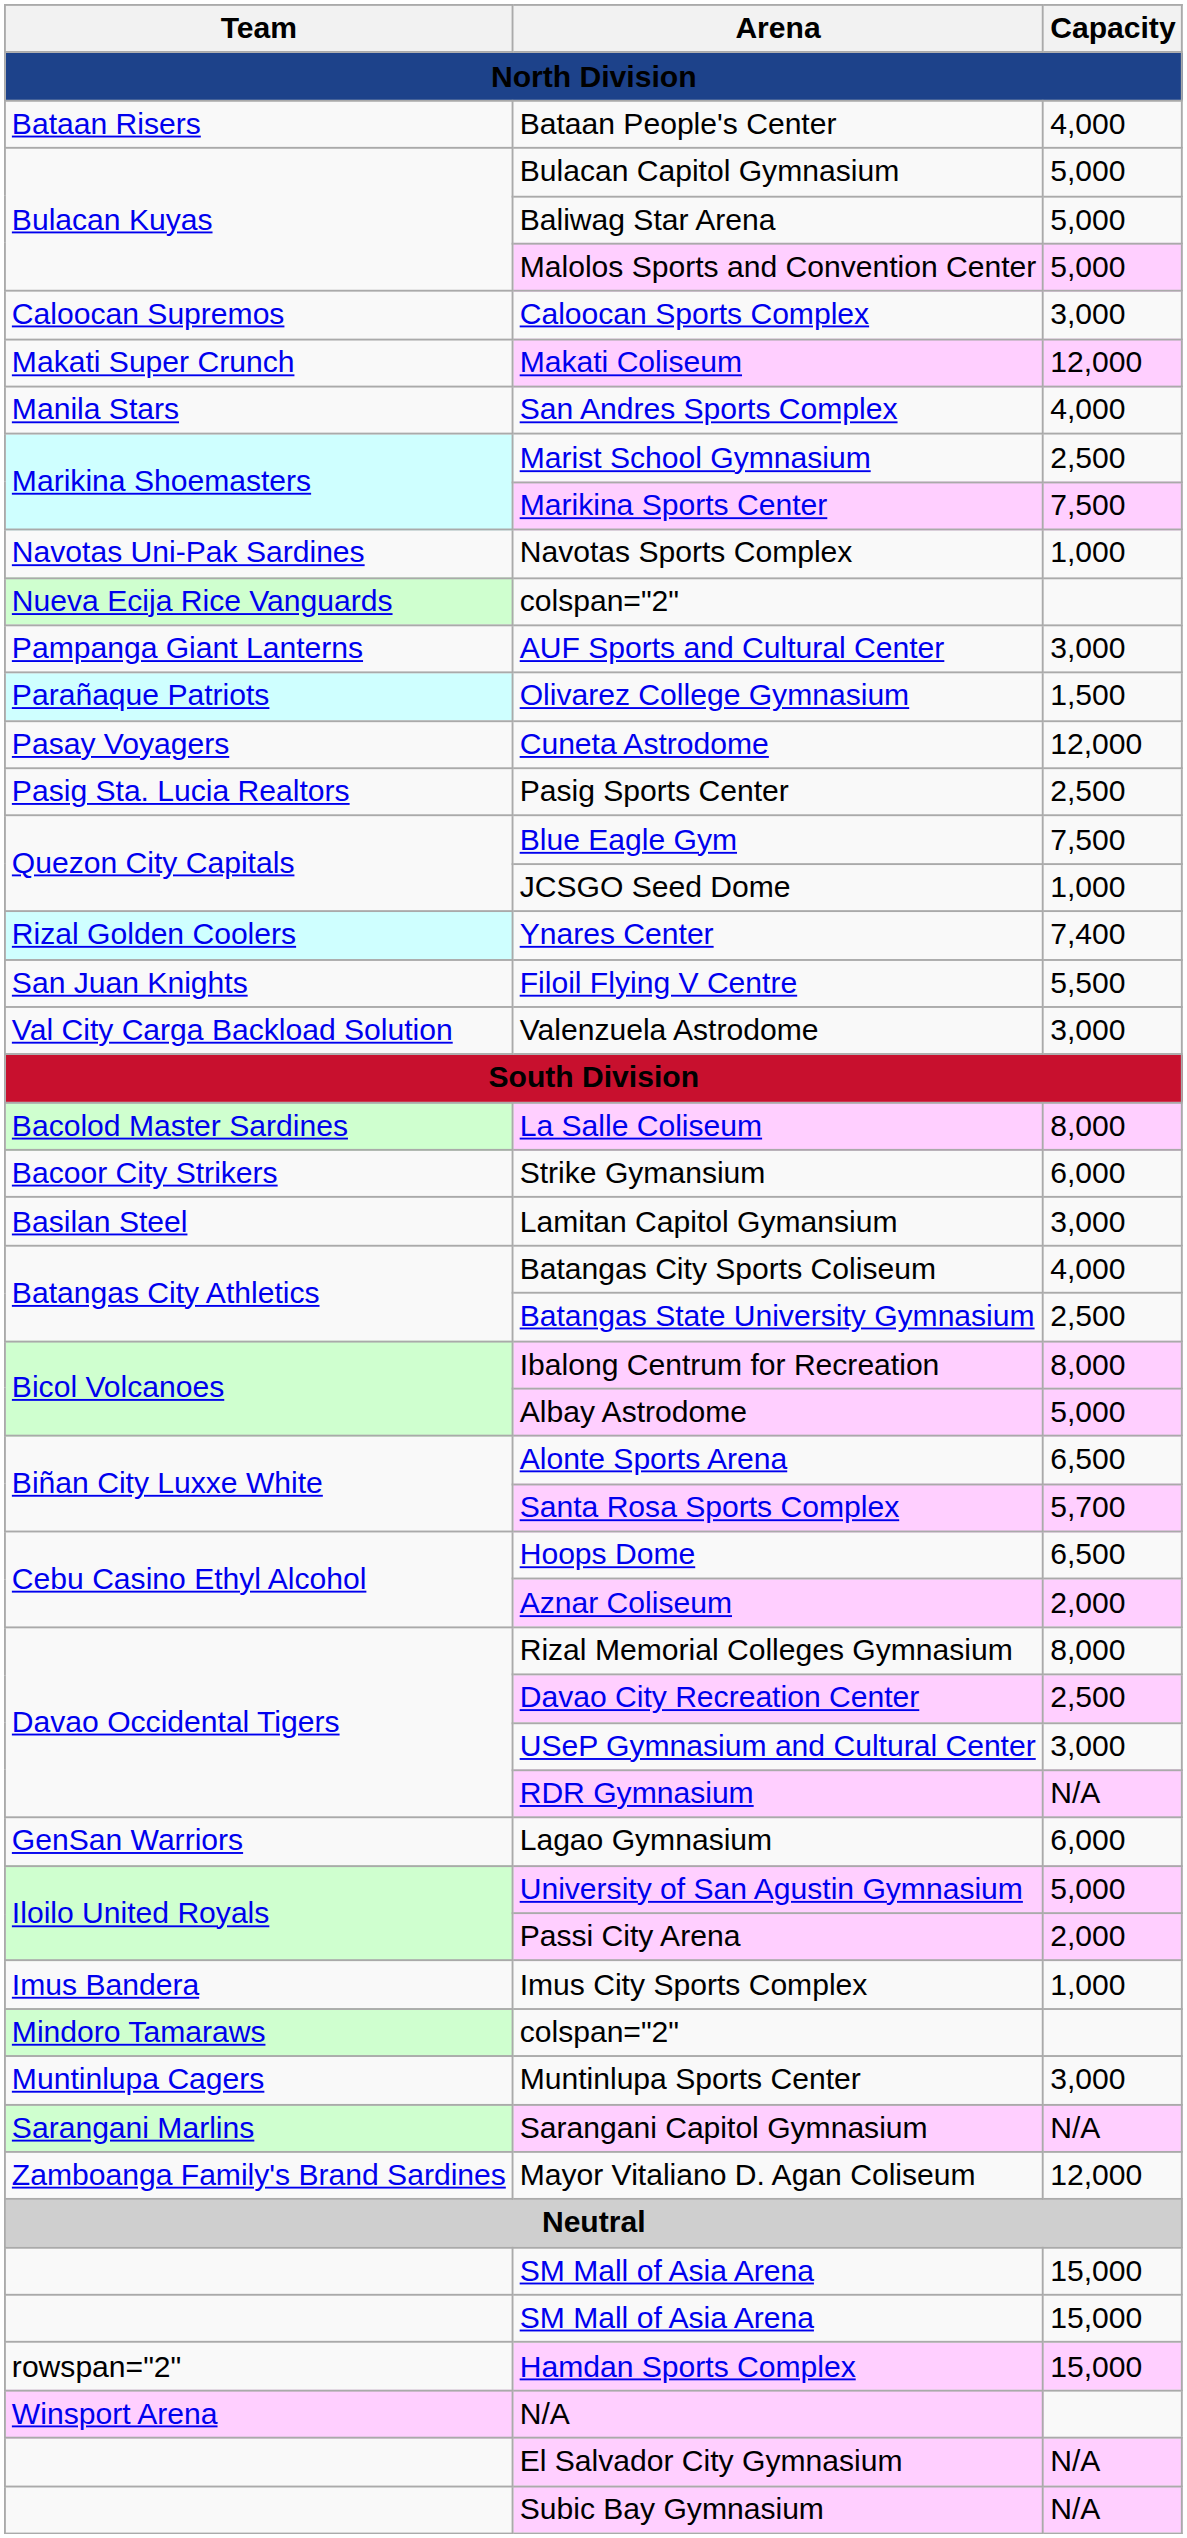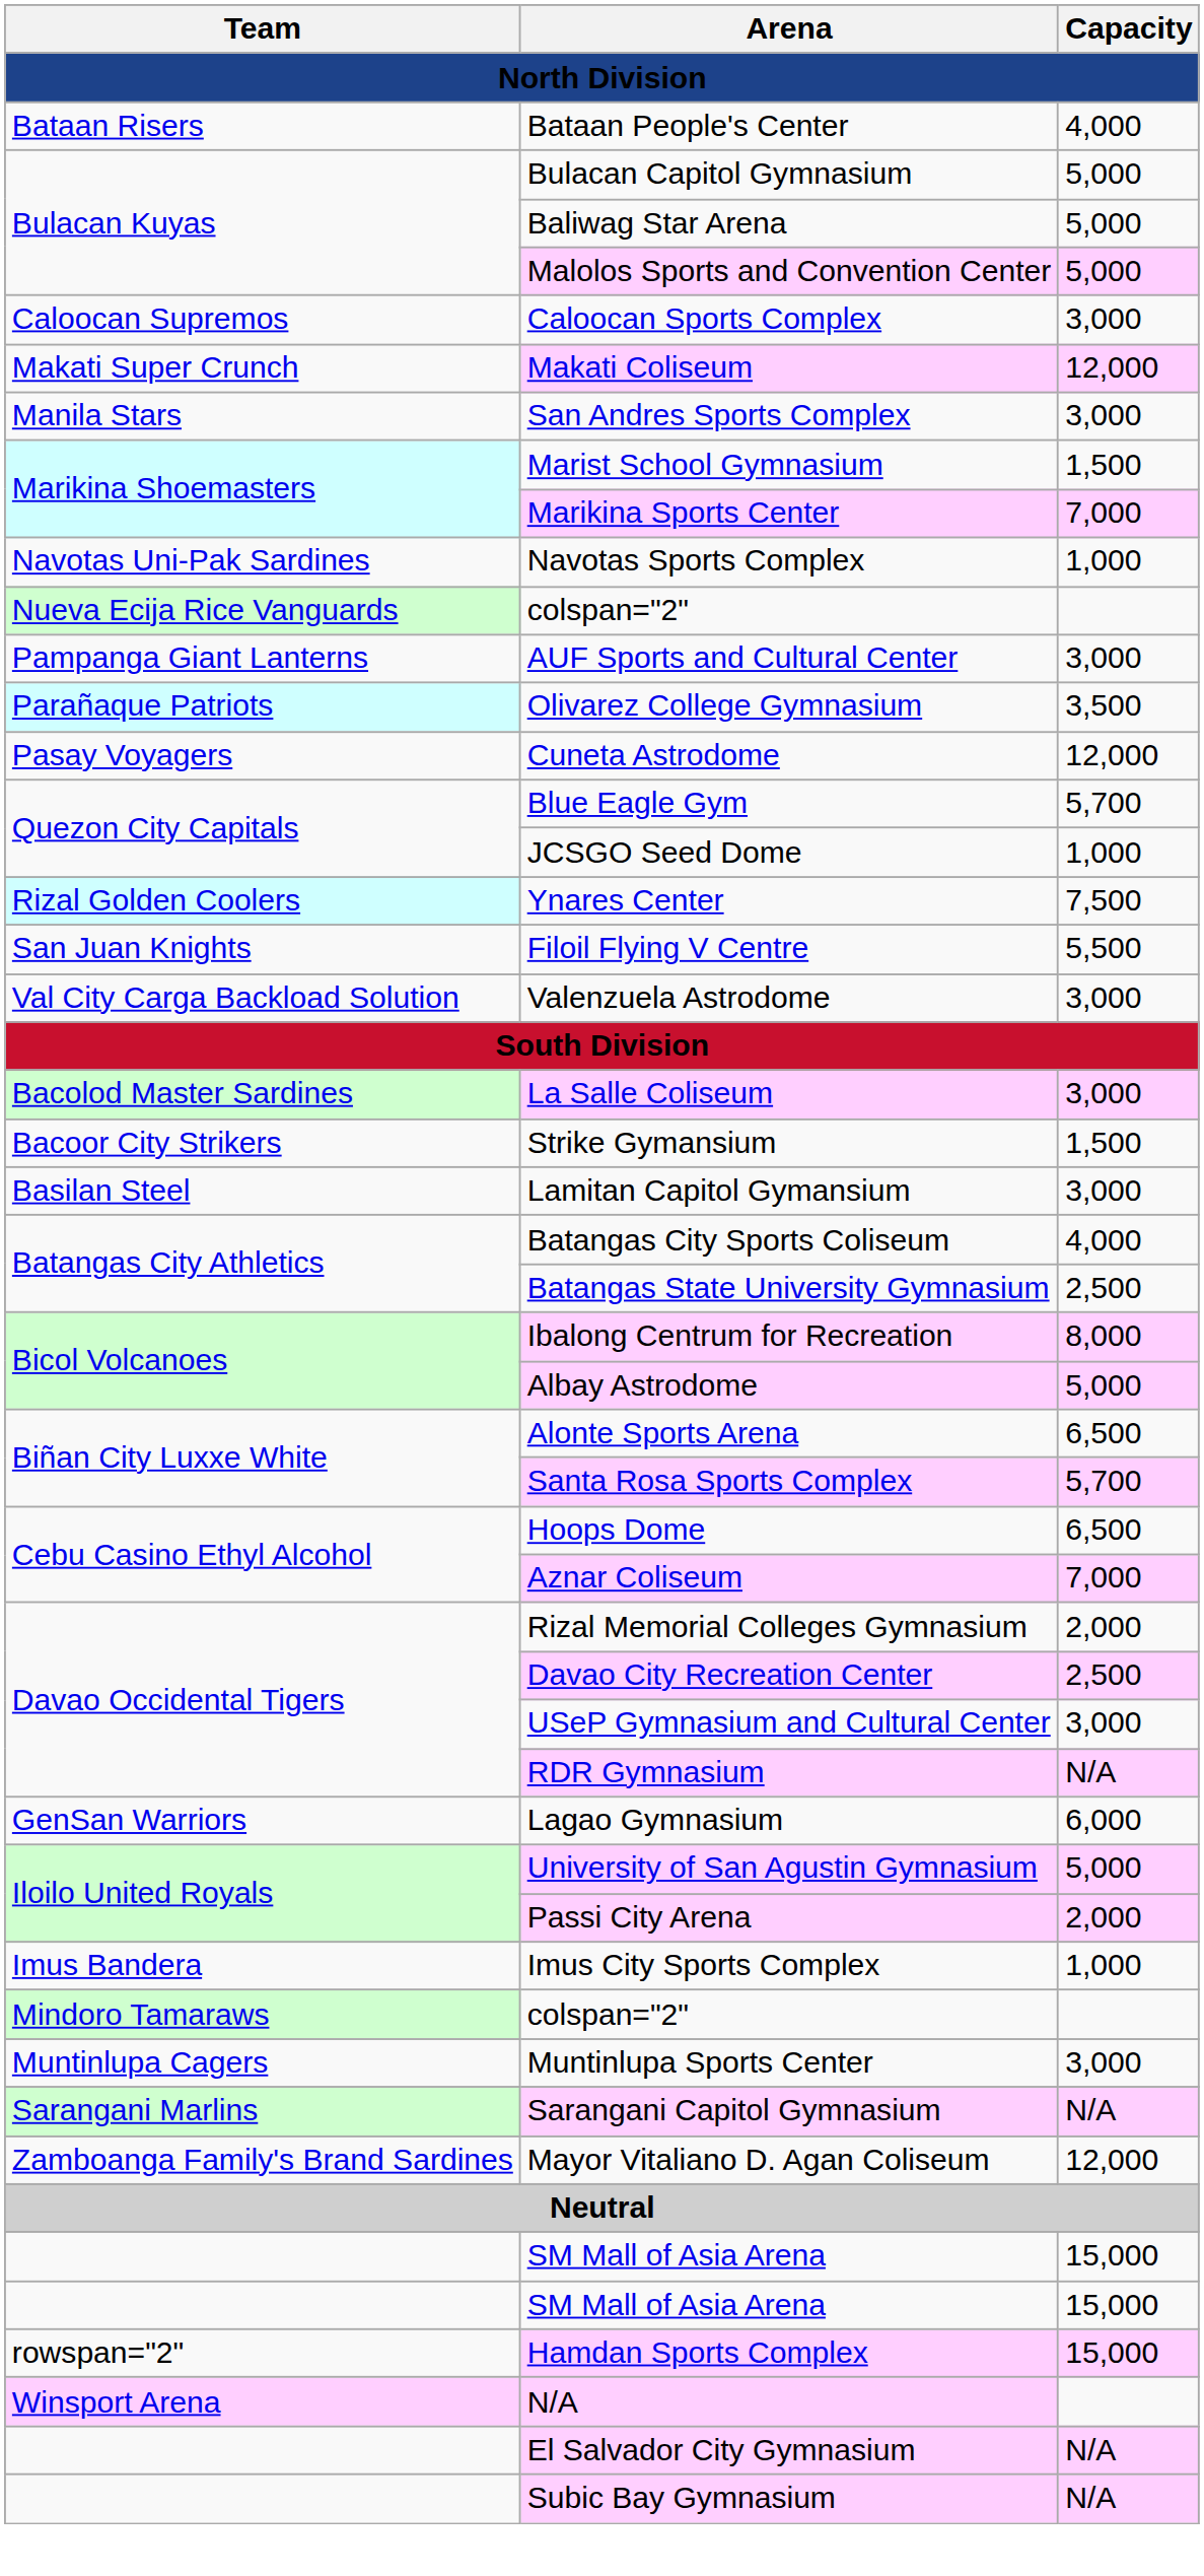 <table class="wikitable">
 <tr>
 <th>Team</th>
 <th>Arena</th>
 <th>Capacity</th>
 </tr>
 <tr>
 <th colspan="3" style="background:#1D428A;"><span>North Division</span></th>
 </tr>
 <tr>
 <td><a href='#'>Bataan Risers</a></td>
 <td>Bataan People's Center</td>
 <td>4,000</td>
 </tr>
 <tr>
 <td rowspan="3"><a href='#'>Bulacan Kuyas</a></td>
 <td>Bulacan Capitol Gymnasium</td>
 <td>5,000</td>
 </tr>
 <tr>
 <td>Baliwag Star Arena</td>
 <td>5,000</td>
 </tr>
 <tr>
 <td style="background:#FFCFFF;">Malolos Sports and Convention Center</td>
 <td style="background:#FFCFFF;">5,000</td>
 </tr>
 <tr>
 <td><a href='#'>Caloocan Supremos</a></td>
 <td><a href='#'>Caloocan Sports Complex</a></td>
 <td>3,000</td>
 </tr>
 <tr>
 <td><a href='#'>Makati Super Crunch</a></td>
 <td style="background:#FFCFFF;"><a href='#'>Makati Coliseum</a></td>
 <td style="background:#FFCFFF;">12,000</td>
 </tr>
 <tr>
 <td><a href='#'>Manila Stars</a></td>
 <td><a href='#'>San Andres Sports Complex</a></td>
-<td>4,000</td>
+<td>3,000</td>
 </tr>
 <tr>
 <td rowspan="2" style="background:#CFFFFF;"><a href='#'>Marikina Shoemasters</a></td>
 <td><a href='#'>Marist School Gymnasium</a></td>
-<td>2,500</td>
+<td>1,500</td>
 </tr>
 <tr>
 <td style="background:#FFCFFF;"><a href='#'>Marikina Sports Center</a></td>
-<td style="background:#FFCFFF;">7,500</td>
+<td style="background:#FFCFFF;">7,000</td>
 </tr>
 <tr>
 <td><a href='#'>Navotas Uni-Pak Sardines</a></td>
 <td>Navotas Sports Complex</td>
 <td>1,000</td>
 </tr>
 <tr>
 <td style="background:#CFFFCF;"><a href='#'>Nueva Ecija Rice Vanguards</a></td>
 <td>colspan="2" </td>
 </tr>
 <tr>
 <td><a href='#'>Pampanga Giant Lanterns</a></td>
 <td><a href='#'>AUF Sports and Cultural Center</a></td>
 <td>3,000</td>
 </tr>
 <tr>
 <td style="background:#CFFFFF;"><a href='#'>Parañaque Patriots</a></td>
 <td><a href='#'>Olivarez College Gymnasium</a></td>
-<td>1,500</td>
+<td>3,500</td>
 </tr>
 <tr>
 <td><a href='#'>Pasay Voyagers</a></td>
 <td><a href='#'>Cuneta Astrodome</a></td>
 <td>12,000</td>
 </tr>
 <tr>
-<td><a href='#'>Pasig Sta. Lucia Realtors</a></td>
-<td>Pasig Sports Center</td>
-<td>2,500</td>
-</tr>
-<tr>
 <td rowspan="2"><a href='#'>Quezon City Capitals</a></td>
 <td><a href='#'>Blue Eagle Gym</a></td>
-<td>7,500</td>
+<td>5,700</td>
 </tr>
 <tr>
 <td>JCSGO Seed Dome</td>
 <td>1,000</td>
 </tr>
 <tr>
 <td style="background:#CFFFFF;"><a href='#'>Rizal Golden Coolers</a></td>
 <td><a href='#'>Ynares Center</a></td>
-<td>7,400</td>
+<td>7,500</td>
 </tr>
 <tr>
 <td><a href='#'>San Juan Knights</a></td>
 <td><a href='#'>Filoil Flying V Centre</a></td>
 <td>5,500</td>
 </tr>
 <tr>
 <td><a href='#'>Val City Carga Backload Solution</a></td>
 <td>Valenzuela Astrodome</td>
 <td>3,000</td>
 </tr>
 <tr>
 <th colspan="3" style="background:#C8102E;"><span>South Division</span></th>
 </tr>
 <tr>
 <td style="background:#CFFFCF;"><a href='#'>Bacolod Master Sardines</a></td>
 <td style="background:#FFCFFF;"><a href='#'>La Salle Coliseum</a></td>
-<td style="background:#FFCFFF;">8,000</td>
+<td style="background:#FFCFFF;">3,000</td>
 </tr>
 <tr>
 <td><a href='#'>Bacoor City Strikers</a></td>
 <td>Strike Gymansium</td>
-<td>6,000</td>
+<td>1,500</td>
 </tr>
 <tr>
 <td><a href='#'>Basilan Steel</a></td>
 <td>Lamitan Capitol Gymansium</td>
 <td>3,000</td>
 </tr>
 <tr>
 <td rowspan="2"><a href='#'>Batangas City Athletics</a></td>
 <td>Batangas City Sports Coliseum</td>
 <td>4,000</td>
 </tr>
 <tr>
 <td><a href='#'>Batangas State University Gymnasium</a></td>
 <td>2,500</td>
 </tr>
 <tr>
 <td rowspan="2" style="background:#CFFFCF;"><a href='#'>Bicol Volcanoes</a></td>
 <td style="background:#FFCFFF;">Ibalong Centrum for Recreation</td>
 <td style="background:#FFCFFF;">8,000</td>
 </tr>
 <tr>
 <td style="background:#FFCFFF;">Albay Astrodome</td>
 <td style="background:#FFCFFF;">5,000</td>
 </tr>
 <tr>
 <td rowspan="2"><a href='#'>Biñan City Luxxe White</a></td>
 <td><a href='#'>Alonte Sports Arena</a></td>
 <td>6,500</td>
 </tr>
 <tr>
 <td style="background:#FFCFFF;"><a href='#'>Santa Rosa Sports Complex</a></td>
 <td style="background:#FFCFFF;">5,700</td>
 </tr>
 <tr>
 <td rowspan="2"><a href='#'>Cebu Casino Ethyl Alcohol</a></td>
 <td><a href='#'>Hoops Dome</a></td>
 <td>6,500</td>
 </tr>
 <tr>
 <td style="background:#FFCFFF;"><a href='#'>Aznar Coliseum</a></td>
-<td style="background:#FFCFFF;">2,000</td>
+<td style="background:#FFCFFF;">7,000</td>
 </tr>
 <tr>
 <td rowspan="4"><a href='#'>Davao Occidental Tigers</a></td>
 <td>Rizal Memorial Colleges Gymnasium</td>
-<td>8,000</td>
+<td>2,000</td>
 </tr>
 <tr>
 <td style="background:#FFCFFF;"><a href='#'>Davao City Recreation Center</a></td>
 <td style="background:#FFCFFF;">2,500</td>
 </tr>
 <tr>
 <td><a href='#'>USeP Gymnasium and Cultural Center</a></td>
 <td>3,000</td>
 </tr>
 <tr>
 <td style="background:#FFCFFF;"><a href='#'>RDR Gymnasium</a></td>
 <td style="background:#FFCFFF;">N/A</td>
 </tr>
 <tr>
 <td><a href='#'>GenSan Warriors</a></td>
 <td>Lagao Gymnasium</td>
 <td>6,000</td>
 </tr>
 <tr>
 <td rowspan="2" style="background:#CFFFCF;"><a href='#'>Iloilo United Royals</a></td>
 <td style="background:#FFCFFF;"><a href='#'>University of San Agustin Gymnasium</a></td>
 <td style="background:#FFCFFF;">5,000</td>
 </tr>
 <tr>
 <td style="background:#FFCFFF;">Passi City Arena</td>
 <td style="background:#FFCFFF;">2,000</td>
 </tr>
 <tr>
 <td><a href='#'>Imus Bandera</a></td>
 <td>Imus City Sports Complex</td>
 <td>1,000</td>
 </tr>
 <tr>
 <td style="background:#CFFFCF;"><a href='#'>Mindoro Tamaraws</a></td>
 <td>colspan="2" </td>
 </tr>
 <tr>
 <td><a href='#'>Muntinlupa Cagers</a></td>
 <td>Muntinlupa Sports Center</td>
 <td>3,000</td>
 </tr>
 <tr>
 <td style="background:#CFFFCF;"><a href='#'>Sarangani Marlins</a></td>
 <td style="background:#FFCFFF;">Sarangani Capitol Gymnasium</td>
 <td style="background:#FFCFFF;">N/A</td>
 </tr>
 <tr>
 <td><a href='#'>Zamboanga Family's Brand Sardines</a></td>
 <td>Mayor Vitaliano D. Agan Coliseum</td>
 <td>12,000</td>
 </tr>
 <tr>
 <th colspan="3" style="background:#CFCFCF;">Neutral</th>
 </tr>
 <tr>
 <td></td>
 <td><a href='#'>SM Mall of Asia Arena</a></td>
 <td>15,000</td>
 </tr>
 <tr>
 <td></td>
 <td><a href='#'>SM Mall of Asia Arena</a></td>
 <td>15,000</td>
 </tr>
 <tr>
 <td>rowspan="2" </td>
 <td style="background:#FFCFFF;"><a href='#'>Hamdan Sports Complex</a></td>
 <td style="background:#FFCFFF;">15,000</td>
 </tr>
 <tr>
 <td style="background:#FFCFFF;"><a href='#'>Winsport Arena</a></td>
 <td style="background:#FFCFFF;">N/A</td>
 </tr>
 <tr>
 <td></td>
 <td style="background:#FFCFFF;">El Salvador City Gymnasium</td>
 <td style="background:#FFCFFF;">N/A</td>
 </tr>
 <tr>
 <td></td>
 <td style="background:#FFCFFF;">Subic Bay Gymnasium</td>
 <td style="background:#FFCFFF;">N/A</td>
 </tr>
 </table>
